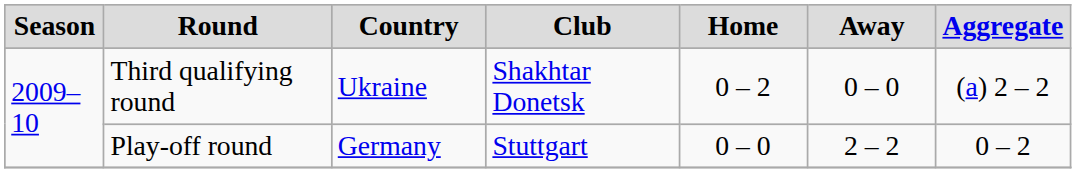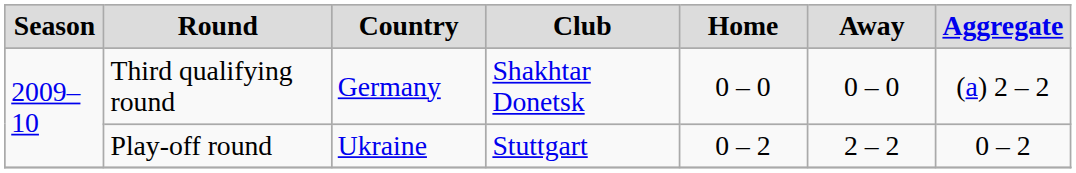 <table class="wikitable" style="text-align: center;">
 <tr>
 <th width="50" style="background:#DCDCDC">Season</th>
 <th width="124" style="background:#DCDCDC">Round</th>
 <th width="82" style="background:#DCDCDC">Country</th>
 <th width="104" style="background:#DCDCDC">Club</th>
 <th width="67" style="background:#DCDCDC">Home</th>
 <th width="67" style="background:#DCDCDC">Away</th>
 <th width="67" style="background:#DCDCDC"><a href='#'>Aggregate</a></th>
 </tr>
 <tr>
 <td rowspan=2 align=left><a href='#'>2009–10</a></td>
 <td align=left>Third qualifying round</td>
-<td align=left> <a href='#'>Ukraine</a></td>
+<td align=left> <a href='#'>Germany</a></td>
 <td align=left><a href='#'>Shakhtar Donetsk</a></td>
-<td>0 – 2</td>
+<td>0 – 0</td>
 <td>0 – 0</td>
 <td>(<a href='#'>a</a>) 2 – 2</td>
 </tr>
 <tr>
 <td align=left>Play-off round</td>
-<td align=left> <a href='#'>Germany</a></td>
+<td align=left> <a href='#'>Ukraine</a></td>
 <td align=left><a href='#'>Stuttgart</a></td>
-<td>0 – 0</td>
+<td>0 – 2</td>
 <td>2 – 2</td>
 <td>0 – 2</td>
 </tr>
 <tr>
 </tr>
 </table>
